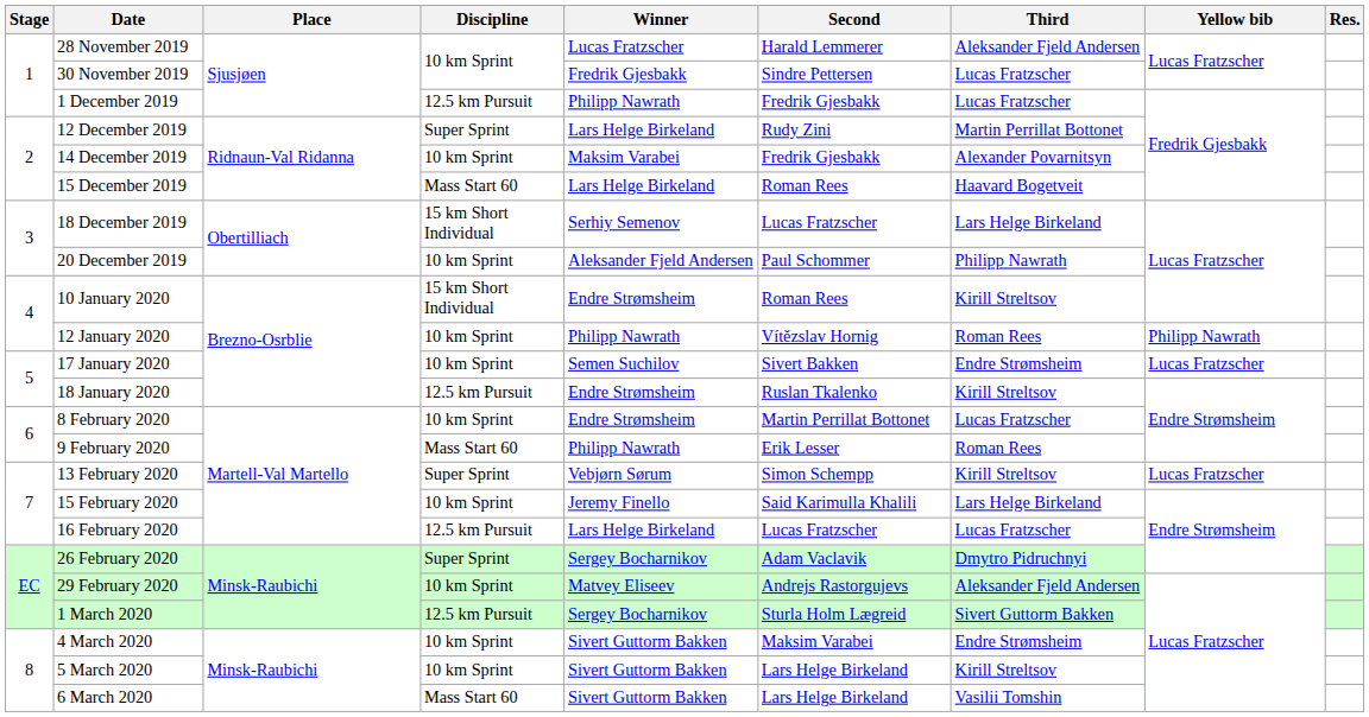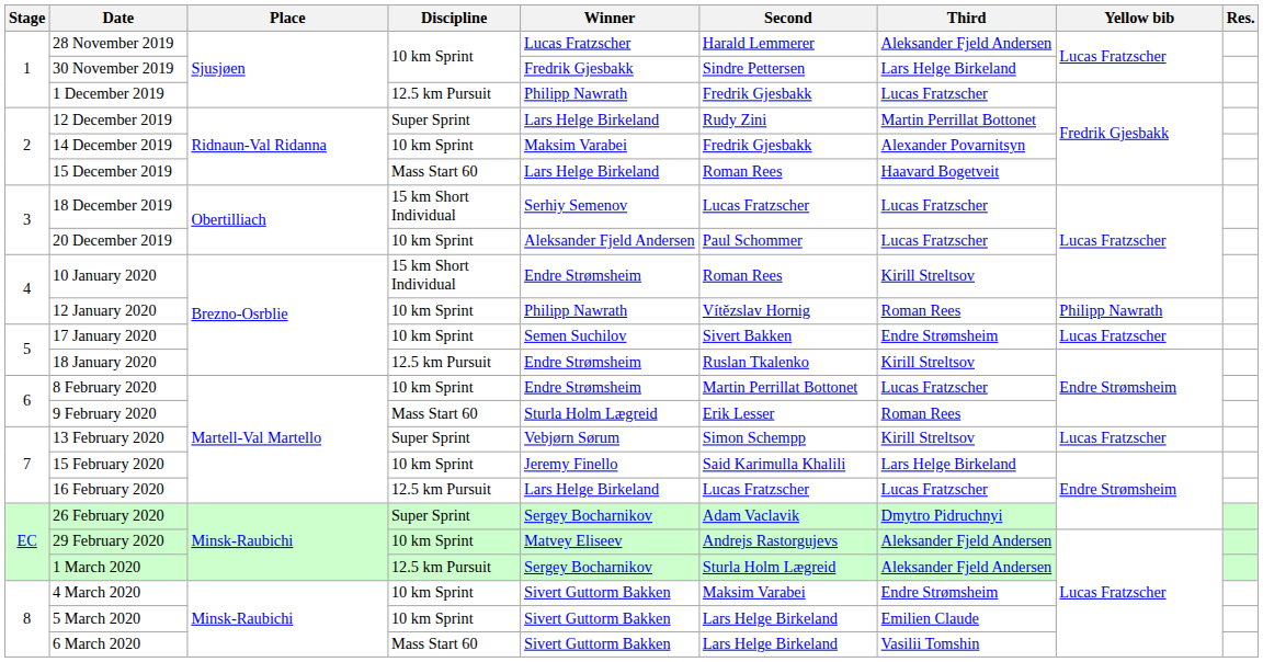 <table class="wikitable plainrowheaders" style="background:#fff; font-size:86%; line-height:16px; border:grey solid 1px; border-collapse:collapse;">
 <tr>
 <th width="20">Stage</th>
 <th width="115">Date</th>
 <th width="169">Place</th>
 <th width="110">Discipline</th>
 <th width="150">Winner</th>
 <th width="150">Second</th>
 <th width="150">Third</th>
 <th width="140">Yellow bib <br> </th>
 <th width="10">Res.</th>
 </tr>
 <tr>
 <td align=center rowspan="3">1</td>
 <td>28 November 2019</td>
 <td rowspan="3"> <a href='#'>Sjusjøen</a></td>
 <td rowspan="2">10 km Sprint</td>
 <td> <a href='#'>Lucas Fratzscher</a></td>
 <td> <a href='#'>Harald Lemmerer</a></td>
 <td> <a href='#'>Aleksander Fjeld Andersen</a></td>
 <td rowspan="2"> <a href='#'>Lucas Fratzscher</a></td>
 <td></td>
 </tr>
 <tr>
 <td>30 November 2019</td>
 <td> <a href='#'>Fredrik Gjesbakk</a></td>
 <td> <a href='#'>Sindre Pettersen</a></td>
-<td> <a href='#'>Lucas Fratzscher</a></td>
+<td> <a href='#'>Lars Helge Birkeland</a></td>
 <td></td>
 </tr>
 <tr>
 <td>1 December 2019</td>
 <td>12.5 km Pursuit</td>
 <td> <a href='#'>Philipp Nawrath</a></td>
 <td> <a href='#'>Fredrik Gjesbakk</a></td>
 <td> <a href='#'>Lucas Fratzscher</a></td>
 <td rowspan="4"> <a href='#'>Fredrik Gjesbakk</a></td>
 <td></td>
 </tr>
 <tr>
 <td align=center rowspan="3">2</td>
 <td>12 December 2019</td>
 <td rowspan="3"> <a href='#'>Ridnaun-Val Ridanna</a></td>
 <td>Super Sprint</td>
 <td> <a href='#'>Lars Helge Birkeland</a></td>
 <td> <a href='#'>Rudy Zini</a></td>
 <td> <a href='#'>Martin Perrillat Bottonet</a></td>
 <td></td>
 </tr>
 <tr>
 <td>14 December  2019</td>
 <td>10 km Sprint</td>
 <td> <a href='#'>Maksim Varabei</a></td>
 <td> <a href='#'>Fredrik Gjesbakk</a></td>
 <td> <a href='#'>Alexander Povarnitsyn</a></td>
 <td></td>
 </tr>
 <tr>
 <td>15 December  2019</td>
 <td>Mass Start 60</td>
 <td> <a href='#'>Lars Helge Birkeland</a></td>
 <td> <a href='#'>Roman Rees</a></td>
 <td> <a href='#'>Haavard Bogetveit</a></td>
 <td></td>
 </tr>
 <tr>
 <td align=center rowspan="2">3</td>
 <td>18 December 2019</td>
 <td rowspan="2"> <a href='#'>Obertilliach</a></td>
 <td>15 km Short Individual</td>
 <td> <a href='#'>Serhiy Semenov</a></td>
 <td> <a href='#'>Lucas Fratzscher</a></td>
-<td> <a href='#'>Lars Helge Birkeland</a></td>
+<td> <a href='#'>Lucas Fratzscher</a></td>
 <td rowspan="3"> <a href='#'>Lucas Fratzscher</a></td>
 <td></td>
 </tr>
 <tr>
 <td>20 December 2019</td>
 <td>10 km Sprint</td>
 <td> <a href='#'>Aleksander Fjeld Andersen</a></td>
 <td> <a href='#'>Paul Schommer</a></td>
-<td> <a href='#'>Philipp Nawrath</a></td>
+<td> <a href='#'>Lucas Fratzscher</a></td>
 <td></td>
 </tr>
 <tr>
 <td align=center rowspan="2">4</td>
 <td>10 January 2020</td>
 <td rowspan="4"> <a href='#'>Brezno-Osrblie</a></td>
 <td>15 km Short Individual</td>
 <td> <a href='#'>Endre Strømsheim</a></td>
 <td> <a href='#'>Roman Rees</a></td>
 <td> <a href='#'>Kirill Streltsov</a></td>
 <td></td>
 </tr>
 <tr>
 <td>12 January 2020</td>
 <td>10 km Sprint</td>
 <td> <a href='#'>Philipp Nawrath</a></td>
 <td> <a href='#'>Vítězslav Hornig</a></td>
 <td> <a href='#'>Roman Rees</a></td>
 <td> <a href='#'>Philipp Nawrath</a></td>
 <td></td>
 </tr>
 <tr>
 <td align=center rowspan="2">5</td>
 <td>17 January 2020</td>
 <td>10 km Sprint</td>
 <td> <a href='#'>Semen Suchilov</a></td>
 <td> <a href='#'>Sivert Bakken</a></td>
 <td> <a href='#'>Endre Strømsheim</a></td>
 <td> <a href='#'>Lucas Fratzscher</a></td>
 <td></td>
 </tr>
 <tr>
 <td>18 January 2020</td>
 <td>12.5 km Pursuit</td>
 <td> <a href='#'>Endre Strømsheim</a></td>
 <td> <a href='#'>Ruslan Tkalenko</a></td>
 <td> <a href='#'>Kirill Streltsov</a></td>
 <td rowspan="3"> <a href='#'>Endre Strømsheim</a></td>
 <td></td>
 </tr>
 <tr>
 <td align=center rowspan="2">6</td>
 <td>8 February 2020</td>
 <td rowspan="5"> <a href='#'>Martell-Val Martello</a></td>
 <td>10 km Sprint</td>
 <td> <a href='#'>Endre Strømsheim</a></td>
 <td> <a href='#'>Martin Perrillat Bottonet</a></td>
 <td> <a href='#'>Lucas Fratzscher</a></td>
 <td></td>
 </tr>
 <tr>
 <td>9 February 2020</td>
 <td>Mass Start 60</td>
-<td> <a href='#'>Philipp Nawrath</a></td>
+<td> <a href='#'>Sturla Holm Lægreid</a></td>
 <td> <a href='#'>Erik Lesser</a></td>
 <td> <a href='#'>Roman Rees</a></td>
 <td></td>
 </tr>
 <tr>
 <td align=center rowspan="3">7</td>
 <td>13 February 2020</td>
 <td>Super Sprint</td>
 <td> <a href='#'>Vebjørn Sørum</a></td>
 <td> <a href='#'>Simon Schempp</a></td>
 <td> <a href='#'>Kirill Streltsov</a></td>
 <td> <a href='#'>Lucas Fratzscher</a></td>
 <td></td>
 </tr>
 <tr>
 <td>15 February 2020</td>
 <td>10 km Sprint</td>
 <td> <a href='#'>Jeremy Finello</a></td>
 <td> <a href='#'>Said Karimulla Khalili</a></td>
 <td> <a href='#'>Lars Helge Birkeland</a></td>
 <td rowspan="3"> <a href='#'>Endre Strømsheim</a></td>
 <td></td>
 </tr>
 <tr>
 <td>16 February 2020</td>
 <td>12.5 km Pursuit</td>
 <td> <a href='#'>Lars Helge Birkeland</a></td>
 <td> <a href='#'>Lucas Fratzscher</a></td>
 <td> <a href='#'>Lucas Fratzscher</a></td>
 <td></td>
 </tr>
 <tr style="background:#CCFFCC">
 <td align=center rowspan="3"><a href='#'>EC</a></td>
 <td>26 February 2020</td>
 <td rowspan="3"> <a href='#'>Minsk-Raubichi</a></td>
 <td>Super Sprint</td>
 <td> <a href='#'>Sergey Bocharnikov</a></td>
 <td> <a href='#'>Adam Vaclavik</a></td>
 <td> <a href='#'>Dmytro Pidruchnyi</a></td>
 <td></td>
 </tr>
 <tr style="background:#CCFFCC">
 <td>29 February 2020</td>
 <td>10 km Sprint</td>
 <td> <a href='#'>Matvey Eliseev</a></td>
 <td> <a href='#'>Andrejs Rastorgujevs</a></td>
 <td> <a href='#'>Aleksander Fjeld Andersen</a></td>
 <td rowspan="5" style="background:#FFFFFF;"> <a href='#'>Lucas Fratzscher</a></td>
 <td></td>
 </tr>
 <tr style="background:#CCFFCC">
 <td>1 March 2020</td>
 <td>12.5 km Pursuit</td>
 <td> <a href='#'>Sergey Bocharnikov</a></td>
 <td> <a href='#'>Sturla Holm Lægreid</a></td>
-<td> <a href='#'>Sivert Guttorm Bakken</a></td>
+<td> <a href='#'>Aleksander Fjeld Andersen</a></td>
 <td></td>
 </tr>
 <tr>
 <td align=center rowspan="3">8</td>
 <td>4 March 2020</td>
 <td rowspan="3"> <a href='#'>Minsk-Raubichi</a></td>
 <td>10 km Sprint</td>
 <td> <a href='#'>Sivert Guttorm Bakken</a></td>
 <td> <a href='#'>Maksim Varabei</a></td>
 <td> <a href='#'>Endre Strømsheim</a></td>
 <td></td>
 </tr>
 <tr>
 <td>5 March 2020</td>
 <td>10 km Sprint</td>
 <td> <a href='#'>Sivert Guttorm Bakken</a></td>
 <td> <a href='#'>Lars Helge Birkeland</a></td>
-<td> <a href='#'>Kirill Streltsov</a></td>
+<td> <a href='#'>Emilien Claude</a></td>
 <td></td>
 </tr>
 <tr>
 <td>6 March 2020</td>
 <td>Mass Start 60</td>
 <td> <a href='#'>Sivert Guttorm Bakken</a></td>
 <td> <a href='#'>Lars Helge Birkeland</a></td>
 <td> <a href='#'>Vasilii Tomshin</a></td>
 <td></td>
 </tr>
 </table>
